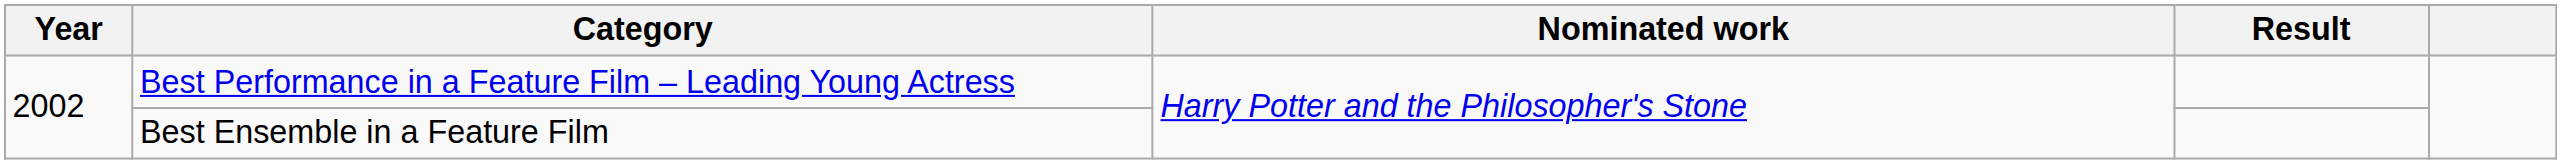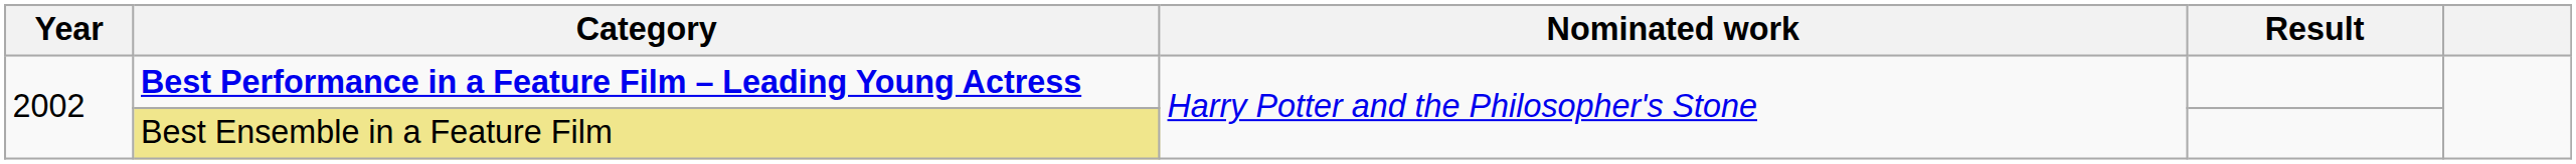 <table class="wikitable plainrowheaders" style="width:100%;">
 <tr>
 <th scope="col" style="width:5%;">Year</th>
 <th scope="col" style="width:40%;">Category</th>
 <th scope="col" style="width:40%;">Nominated work</th>
 <th scope="col" style="width:10%;">Result</th>
 <th scope="col" style="width:5%;"></th>
 </tr>
 <tr>
 <td rowspan="2">2002</td>
-<td><a href='#'>Best Performance in a Feature Film – Leading Young Actress</a></td>
+<td><strong><a href='#'>Best Performance in a Feature Film – Leading Young Actress</a></strong></td>
 <td rowspan="2"><em><a href='#'>Harry Potter and the Philosopher's Stone</a></em></td>
 <td></td>
 <td rowspan="2"></td>
 </tr>
 <tr>
-<td>Best Ensemble in a Feature Film</td>
+<td style="background: khaki;">Best Ensemble in a Feature Film</td>
 <td></td>
 </tr>
 </table>
